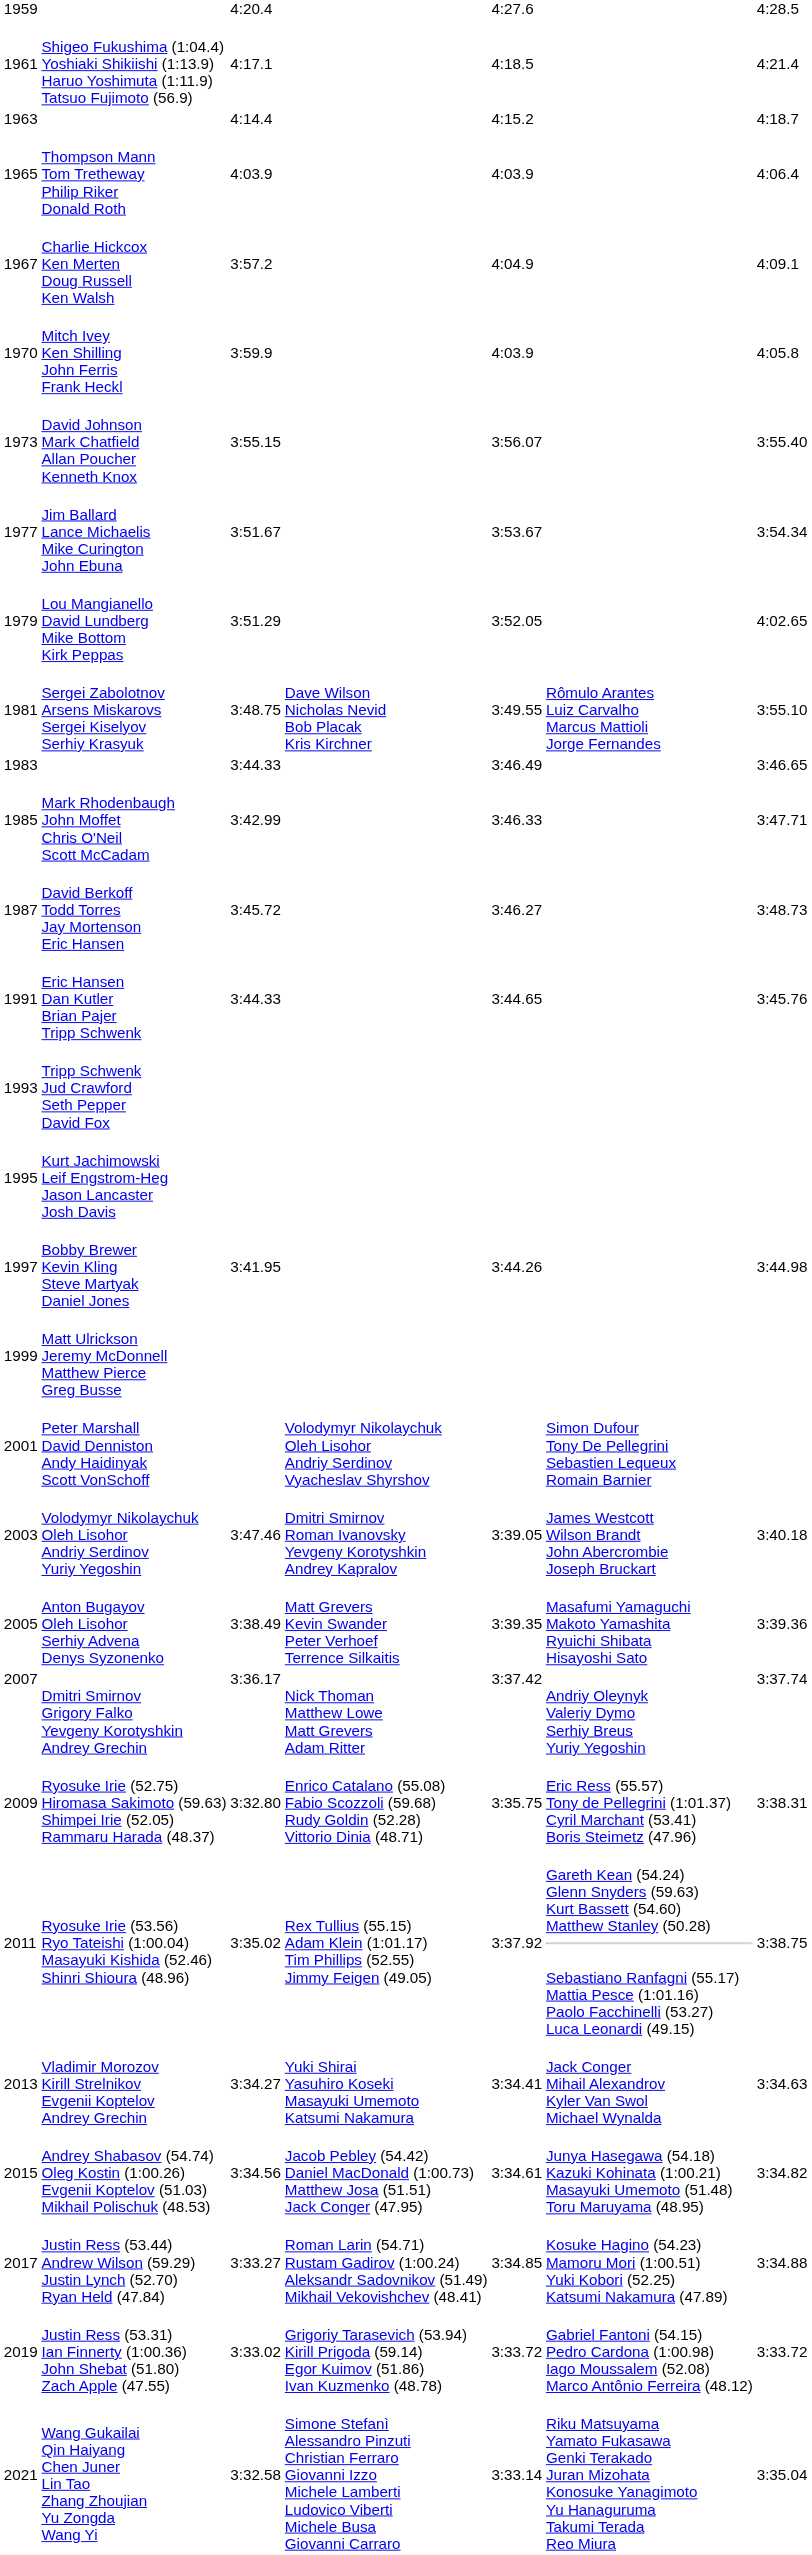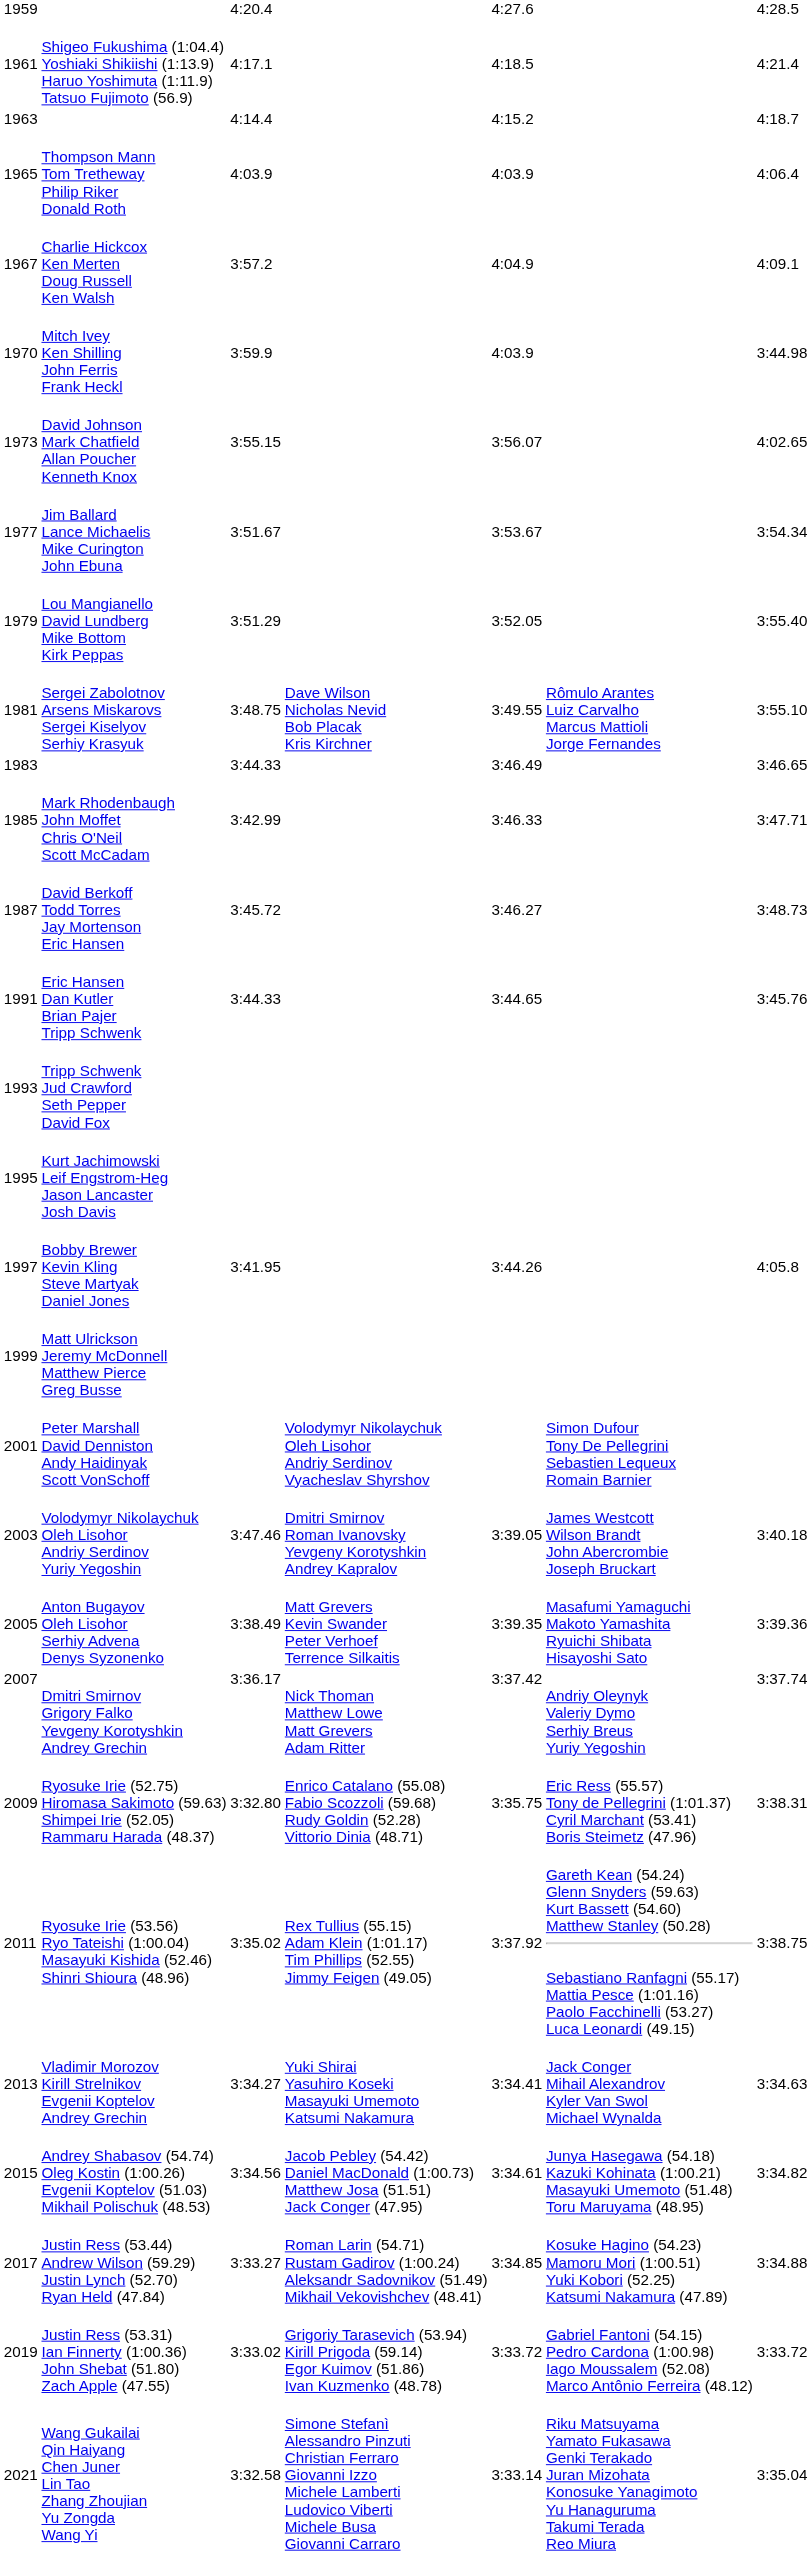 <table>
 <tr>
 <td>1959</td>
 <td></td>
 <td>4:20.4</td>
 <td></td>
 <td>4:27.6</td>
 <td></td>
 <td>4:28.5</td>
 </tr>
 <tr>
 <td>1961</td>
 <td><br><a href='#'>Shigeo Fukushima</a> (1:04.4)<br><a href='#'>Yoshiaki Shikiishi</a> (1:13.9)<br><a href='#'>Haruo Yoshimuta</a> (1:11.9)<br><a href='#'>Tatsuo Fujimoto</a> (56.9)</td>
 <td>4:17.1</td>
 <td></td>
 <td>4:18.5</td>
 <td></td>
 <td>4:21.4</td>
 </tr>
 <tr>
 <td>1963</td>
 <td></td>
 <td>4:14.4</td>
 <td></td>
 <td>4:15.2</td>
 <td></td>
 <td>4:18.7</td>
 </tr>
 <tr>
 <td>1965</td>
 <td><br><a href='#'>Thompson Mann</a><br><a href='#'>Tom Tretheway</a><br><a href='#'>Philip Riker</a><br><a href='#'>Donald Roth</a></td>
 <td>4:03.9</td>
 <td></td>
 <td>4:03.9</td>
 <td></td>
 <td>4:06.4</td>
 </tr>
 <tr>
 <td>1967</td>
 <td><br><a href='#'>Charlie Hickcox</a><br><a href='#'>Ken Merten</a><br><a href='#'>Doug Russell</a><br><a href='#'>Ken Walsh</a></td>
 <td>3:57.2</td>
 <td></td>
 <td>4:04.9</td>
 <td></td>
 <td>4:09.1</td>
 </tr>
 <tr>
 <td>1970</td>
 <td><br><a href='#'>Mitch Ivey</a><br><a href='#'>Ken Shilling</a><br><a href='#'>John Ferris</a><br><a href='#'>Frank Heckl</a></td>
 <td>3:59.9</td>
 <td></td>
 <td>4:03.9</td>
 <td></td>
-<td>4:05.8</td>
+<td>3:44.98</td>
 </tr>
 <tr>
 <td>1973</td>
 <td><br><a href='#'>David Johnson</a><br><a href='#'>Mark Chatfield</a><br><a href='#'>Allan Poucher</a><br><a href='#'>Kenneth Knox</a></td>
 <td>3:55.15</td>
 <td></td>
 <td>3:56.07</td>
 <td></td>
-<td>3:55.40</td>
+<td>4:02.65</td>
 </tr>
 <tr>
 <td>1977</td>
 <td><br><a href='#'>Jim Ballard</a><br><a href='#'>Lance Michaelis</a><br><a href='#'>Mike Curington</a><br><a href='#'>John Ebuna</a></td>
 <td>3:51.67</td>
 <td></td>
 <td>3:53.67</td>
 <td></td>
 <td>3:54.34</td>
 </tr>
 <tr>
 <td>1979</td>
 <td><br><a href='#'>Lou Mangianello</a><br><a href='#'>David Lundberg</a><br><a href='#'>Mike Bottom</a><br><a href='#'>Kirk Peppas</a></td>
 <td>3:51.29</td>
 <td></td>
 <td>3:52.05</td>
 <td></td>
-<td>4:02.65</td>
+<td>3:55.40</td>
 </tr>
 <tr>
 <td>1981</td>
 <td><br><a href='#'>Sergei Zabolotnov</a><br><a href='#'>Arsens Miskarovs</a><br><a href='#'>Sergei Kiselyov</a><br><a href='#'>Serhiy Krasyuk</a></td>
 <td>3:48.75</td>
 <td><br><a href='#'>Dave Wilson</a><br><a href='#'>Nicholas Nevid</a><br><a href='#'>Bob Placak</a><br><a href='#'>Kris Kirchner</a></td>
 <td>3:49.55</td>
 <td><br><a href='#'>Rômulo Arantes</a><br><a href='#'>Luiz Carvalho</a><br><a href='#'>Marcus Mattioli</a><br><a href='#'>Jorge Fernandes</a></td>
 <td>3:55.10</td>
 </tr>
 <tr>
 <td>1983</td>
 <td></td>
 <td>3:44.33</td>
 <td></td>
 <td>3:46.49</td>
 <td></td>
 <td>3:46.65</td>
 </tr>
 <tr>
 <td>1985</td>
 <td><br><a href='#'>Mark Rhodenbaugh</a><br><a href='#'>John Moffet</a><br><a href='#'>Chris O'Neil</a><br><a href='#'>Scott McCadam</a></td>
 <td>3:42.99</td>
 <td></td>
 <td>3:46.33</td>
 <td></td>
 <td>3:47.71</td>
 </tr>
 <tr>
 <td>1987</td>
 <td><br><a href='#'>David Berkoff</a><br><a href='#'>Todd Torres</a><br><a href='#'>Jay Mortenson</a><br><a href='#'>Eric Hansen</a></td>
 <td>3:45.72</td>
 <td></td>
 <td>3:46.27</td>
 <td></td>
 <td>3:48.73</td>
 </tr>
 <tr>
 <td>1991</td>
 <td><br><a href='#'>Eric Hansen</a><br><a href='#'>Dan Kutler</a><br><a href='#'>Brian Pajer</a><br><a href='#'>Tripp Schwenk</a></td>
 <td>3:44.33</td>
 <td></td>
 <td>3:44.65</td>
 <td></td>
 <td>3:45.76</td>
 </tr>
 <tr>
 <td>1993</td>
 <td><br><a href='#'>Tripp Schwenk</a><br><a href='#'>Jud Crawford</a><br><a href='#'>Seth Pepper</a><br><a href='#'>David Fox</a></td>
 <td></td>
 <td></td>
 <td></td>
 <td></td>
 <td></td>
 </tr>
 <tr>
 <td>1995</td>
 <td><br><a href='#'>Kurt Jachimowski</a><br><a href='#'>Leif Engstrom-Heg</a><br><a href='#'>Jason Lancaster</a><br><a href='#'>Josh Davis</a></td>
 <td></td>
 <td></td>
 <td></td>
 <td></td>
 <td></td>
 </tr>
 <tr>
 <td>1997</td>
 <td><br><a href='#'>Bobby Brewer</a><br><a href='#'>Kevin Kling</a><br><a href='#'>Steve Martyak</a><br><a href='#'>Daniel Jones</a></td>
 <td>3:41.95</td>
 <td></td>
 <td>3:44.26</td>
 <td></td>
-<td>3:44.98</td>
+<td>4:05.8</td>
 </tr>
 <tr>
 <td>1999</td>
 <td><br><a href='#'>Matt Ulrickson</a><br><a href='#'>Jeremy McDonnell</a><br><a href='#'>Matthew Pierce</a><br><a href='#'>Greg Busse</a></td>
 <td></td>
 <td></td>
 <td></td>
 <td></td>
 <td></td>
 </tr>
 <tr>
 <td>2001</td>
 <td><br><a href='#'>Peter Marshall</a><br><a href='#'>David Denniston</a><br><a href='#'>Andy Haidinyak</a><br><a href='#'>Scott VonSchoff</a></td>
 <td></td>
 <td><br><a href='#'>Volodymyr Nikolaychuk</a><br><a href='#'>Oleh Lisohor</a><br><a href='#'>Andriy Serdinov</a><br><a href='#'>Vyacheslav Shyrshov</a></td>
 <td></td>
 <td><br><a href='#'>Simon Dufour</a><br><a href='#'>Tony De Pellegrini</a><br><a href='#'>Sebastien Lequeux</a><br><a href='#'>Romain Barnier</a></td>
 <td></td>
 </tr>
 <tr>
 <td>2003</td>
 <td><br><a href='#'>Volodymyr Nikolaychuk</a><br><a href='#'>Oleh Lisohor</a><br><a href='#'>Andriy Serdinov</a><br><a href='#'>Yuriy Yegoshin</a></td>
 <td>3:47.46</td>
 <td><br><a href='#'>Dmitri Smirnov</a><br><a href='#'>Roman Ivanovsky</a><br><a href='#'>Yevgeny Korotyshkin</a><br><a href='#'>Andrey Kapralov</a></td>
 <td>3:39.05</td>
 <td><br><a href='#'>James Westcott</a><br><a href='#'>Wilson Brandt</a><br><a href='#'>John Abercrombie</a><br><a href='#'>Joseph Bruckart</a></td>
 <td>3:40.18</td>
 </tr>
 <tr>
 <td>2005</td>
 <td><br><a href='#'>Anton Bugayov</a><br><a href='#'>Oleh Lisohor</a><br><a href='#'>Serhiy Advena</a><br><a href='#'>Denys Syzonenko</a></td>
 <td>3:38.49</td>
 <td><br><a href='#'>Matt Grevers</a><br><a href='#'>Kevin Swander</a><br><a href='#'>Peter Verhoef</a><br><a href='#'>Terrence Silkaitis</a></td>
 <td>3:39.35</td>
 <td><br><a href='#'>Masafumi Yamaguchi</a><br><a href='#'>Makoto Yamashita</a><br><a href='#'>Ryuichi Shibata</a><br><a href='#'>Hisayoshi Sato</a></td>
 <td>3:39.36</td>
 </tr>
 <tr valign="top">
 <td>2007</td>
 <td><br><a href='#'>Dmitri Smirnov</a><br><a href='#'>Grigory Falko</a><br><a href='#'>Yevgeny Korotyshkin</a><br><a href='#'>Andrey Grechin</a></td>
 <td>3:36.17</td>
 <td><br><a href='#'>Nick Thoman</a><br><a href='#'>Matthew Lowe</a><br><a href='#'>Matt Grevers</a><br><a href='#'>Adam Ritter</a></td>
 <td>3:37.42</td>
 <td><br><a href='#'>Andriy Oleynyk</a><br><a href='#'>Valeriy Dymo</a><br><a href='#'>Serhiy Breus</a><br><a href='#'>Yuriy Yegoshin</a></td>
 <td>3:37.74</td>
 </tr>
 <tr>
 <td>2009</td>
 <td> <br> <a href='#'>Ryosuke Irie</a> (52.75) <br> <a href='#'>Hiromasa Sakimoto</a> (59.63) <br> <a href='#'>Shimpei Irie</a> (52.05) <br> <a href='#'>Rammaru Harada</a> (48.37)</td>
 <td>3:32.80</td>
 <td> <br> <a href='#'>Enrico Catalano</a> (55.08) <br> <a href='#'>Fabio Scozzoli</a> (59.68) <br> <a href='#'>Rudy Goldin</a> (52.28) <br> <a href='#'>Vittorio Dinia</a> (48.71)</td>
 <td>3:35.75</td>
 <td> <br> <a href='#'>Eric Ress</a> (55.57) <br> <a href='#'>Tony de Pellegrini</a> (1:01.37)<br> <a href='#'>Cyril Marchant</a> (53.41)<br> <a href='#'>Boris Steimetz</a> (47.96)</td>
 <td>3:38.31</td>
 </tr>
 <tr>
 <td>2011</td>
 <td><br><a href='#'>Ryosuke Irie</a> (53.56) <br><a href='#'>Ryo Tateishi</a> (1:00.04) <br><a href='#'>Masayuki Kishida</a> (52.46) <br> <a href='#'>Shinri Shioura</a> (48.96)</td>
 <td>3:35.02</td>
 <td><br><a href='#'>Rex Tullius</a> (55.15)<br><a href='#'>Adam Klein</a> (1:01.17)<br><a href='#'>Tim Phillips</a> (52.55) <br> <a href='#'>Jimmy Feigen</a>  (49.05)</td>
 <td>3:37.92</td>
 <td><br><a href='#'>Gareth Kean</a> (54.24)<br><a href='#'>Glenn Snyders</a> (59.63)<br><a href='#'>Kurt Bassett</a> (54.60) <br> <a href='#'>Matthew Stanley</a> (50.28)<hr><br><a href='#'>Sebastiano Ranfagni</a> (55.17)<br><a href='#'>Mattia Pesce</a> (1:01.16)<br><a href='#'>Paolo Facchinelli</a> (53.27) <br> <a href='#'>Luca Leonardi</a>  (49.15)</td>
 <td>3:38.75</td>
 </tr>
 <tr>
 <td>2013</td>
 <td><br><a href='#'>Vladimir Morozov</a><br><a href='#'>Kirill Strelnikov</a><br><a href='#'>Evgenii Koptelov</a><br><a href='#'>Andrey Grechin</a></td>
 <td>3:34.27</td>
 <td><br><a href='#'>Yuki Shirai</a><br><a href='#'>Yasuhiro Koseki</a><br><a href='#'>Masayuki Umemoto</a><br><a href='#'>Katsumi Nakamura</a></td>
 <td>3:34.41</td>
 <td><br><a href='#'>Jack Conger</a><br><a href='#'>Mihail Alexandrov</a><br><a href='#'>Kyler Van Swol</a><br><a href='#'>Michael Wynalda</a></td>
 <td>3:34.63</td>
 </tr>
 <tr>
 <td>2015</td>
 <td><br><a href='#'>Andrey Shabasov</a> (54.74)<br><a href='#'>Oleg Kostin</a> (1:00.26)<br><a href='#'>Evgenii Koptelov</a> (51.03)<br><a href='#'>Mikhail Polischuk</a> (48.53)</td>
 <td>3:34.56</td>
 <td valign=top><br><a href='#'>Jacob Pebley</a> (54.42)<br><a href='#'>Daniel MacDonald</a> (1:00.73)<br><a href='#'>Matthew Josa</a> (51.51)<br><a href='#'>Jack Conger</a> (47.95)</td>
 <td>3:34.61</td>
 <td valign=top><br><a href='#'>Junya Hasegawa</a> (54.18)<br><a href='#'>Kazuki Kohinata</a> (1:00.21)<br><a href='#'>Masayuki Umemoto</a> (51.48)<br><a href='#'>Toru Maruyama</a> (48.95)</td>
 <td>3:34.82</td>
 </tr>
 <tr>
 <td>2017</td>
 <td><br><a href='#'>Justin Ress</a> (53.44)<br><a href='#'>Andrew Wilson</a> (59.29)<br><a href='#'>Justin Lynch</a> (52.70)<br><a href='#'>Ryan Held</a> (47.84)</td>
 <td>3:33.27</td>
 <td><br><a href='#'>Roman Larin</a> (54.71)<br><a href='#'>Rustam Gadirov</a> (1:00.24)<br><a href='#'>Aleksandr Sadovnikov</a> (51.49)<br><a href='#'>Mikhail Vekovishchev</a> (48.41)</td>
 <td>3:34.85</td>
 <td><br><a href='#'>Kosuke Hagino</a> (54.23)<br><a href='#'>Mamoru Mori</a> (1:00.51)<br><a href='#'>Yuki Kobori</a> (52.25)<br><a href='#'>Katsumi Nakamura</a> (47.89)</td>
 <td>3:34.88</td>
 </tr>
 <tr>
 <td>2019</td>
 <td><br><a href='#'>Justin Ress</a> (53.31)<br><a href='#'>Ian Finnerty</a> (1:00.36)<br><a href='#'>John Shebat</a> (51.80)<br><a href='#'>Zach Apple</a> (47.55)</td>
 <td>3:33.02</td>
 <td valign=top><br><a href='#'>Grigoriy Tarasevich</a> (53.94)<br><a href='#'>Kirill Prigoda</a> (59.14)<br><a href='#'>Egor Kuimov</a> (51.86)<br><a href='#'>Ivan Kuzmenko</a> (48.78)</td>
 <td>3:33.72</td>
 <td valign=top><br><a href='#'>Gabriel Fantoni</a> (54.15)<br><a href='#'>Pedro Cardona</a> (1:00.98)<br><a href='#'>Iago Moussalem</a> (52.08)<br><a href='#'>Marco Antônio Ferreira</a> (48.12)</td>
 <td>3:33.72</td>
 </tr>
 <tr>
 <td>2021</td>
 <td><br><a href='#'>Wang Gukailai</a><br><a href='#'>Qin Haiyang</a><br><a href='#'>Chen Juner</a><br><a href='#'>Lin Tao</a><br><a href='#'>Zhang Zhoujian</a><br><a href='#'>Yu Zongda</a><br><a href='#'>Wang Yi</a></td>
 <td>3:32.58</td>
 <td><br><a href='#'>Simone Stefanì</a><br><a href='#'>Alessandro Pinzuti</a><br><a href='#'>Christian Ferraro</a><br><a href='#'>Giovanni Izzo</a><br><a href='#'>Michele Lamberti</a><br><a href='#'>Ludovico Viberti</a><br><a href='#'>Michele Busa</a><br><a href='#'>Giovanni Carraro</a></td>
 <td>3:33.14</td>
 <td><br><a href='#'>Riku Matsuyama</a><br><a href='#'>Yamato Fukasawa</a><br><a href='#'>Genki Terakado</a><br><a href='#'>Juran Mizohata</a><br><a href='#'>Konosuke Yanagimoto</a><br><a href='#'>Yu Hanaguruma</a><br><a href='#'>Takumi Terada</a><br><a href='#'>Reo Miura</a></td>
 <td>3:35.04</td>
 </tr>
 </table>
